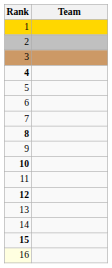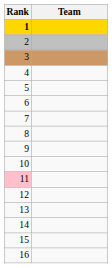 <table class=wikitable>
 <tr>
 <th width=20>Rank</th>
 <th width=120>Team</th>
 </tr>
 <tr bgcolor=gold>
-<td align=right>1</td>
+<td align=right><strong>1</strong></td>
 <td></td>
 </tr>
 <tr bgcolor=silver>
 <td align=right>2</td>
 <td></td>
 </tr>
 <tr bgcolor=#c96>
 <td align=right>3</td>
 <td></td>
 </tr>
 <tr>
-<td align=right><strong>4</strong></td>
+<td align=right>4</td>
 <td></td>
 </tr>
 <tr>
 <td align=right>5</td>
 <td></td>
 </tr>
 <tr>
 <td align=right>6</td>
 <td></td>
 </tr>
 <tr>
 <td align=right>7</td>
 <td></td>
 </tr>
 <tr>
-<td align=right><strong>8</strong></td>
+<td align=right>8</td>
 <td></td>
 </tr>
 <tr>
 <td align=right>9</td>
 <td></td>
 </tr>
 <tr>
-<td align=right><strong>10</strong></td>
+<td align=right>10</td>
 <td><strong></strong></td>
 </tr>
 <tr>
-<td align=right>11</td>
+<td align=right style="background: pink;">11</td>
 <td></td>
 </tr>
 <tr>
-<td align=right><strong>12</strong></td>
+<td align=right>12</td>
 <td></td>
 </tr>
 <tr>
 <td align=right>13</td>
 <td></td>
 </tr>
 <tr>
 <td align=right>14</td>
 <td></td>
 </tr>
 <tr>
-<td align=right><strong>15</strong></td>
+<td align=right>15</td>
 <td></td>
 </tr>
 <tr>
-<td align=right style="background: lightyellow;">16</td>
+<td align=right>16</td>
 <td></td>
 </tr>
 </table>
